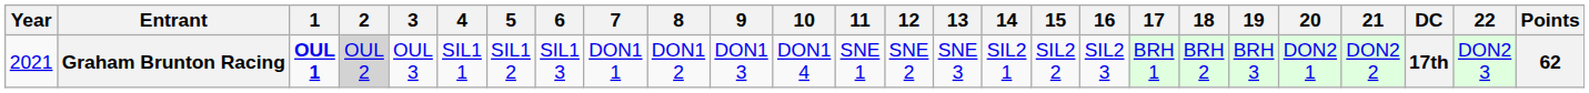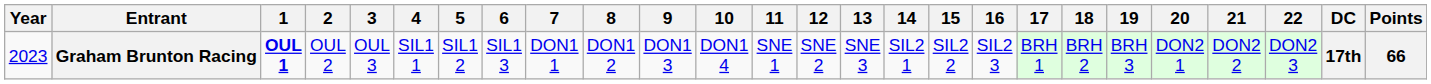 <table class="wikitable" style="text-align:center; font-size:85%">
 <tr>
 <th>Year</th>
 <th>Entrant</th>
 <th>1</th>
 <th>2</th>
 <th>3</th>
 <th>4</th>
 <th>5</th>
 <th>6</th>
 <th>7</th>
 <th>8</th>
 <th>9</th>
 <th>10</th>
 <th>11</th>
 <th>12</th>
 <th>13</th>
 <th>14</th>
 <th>15</th>
 <th>16</th>
 <th>17</th>
 <th>18</th>
 <th>19</th>
 <th>20</th>
 <th>21</th>
+<th>22</th>
 <th>DC</th>
-<th>22</th>
 <th>Points</th>
 </tr>
 <tr>
-<td><a href='#'>2021</a></td>
+<td><a href='#'>2023</a></td>
 <th nowrap>Graham Brunton Racing</th>
 <td style="background:#;"><strong><a href='#'>OUL<br>1</a><br></strong></td>
-<td style="background: lightgrey; backgroun:#;"><a href='#'>OUL<br>2</a><br></td>
+<td style="backgroun:#;"><a href='#'>OUL<br>2</a><br></td>
 <td style="background:#;"><a href='#'>OUL<br>3</a><br></td>
 <td style="background:#;"><a href='#'>SIL1<br>1</a><br></td>
 <td style="background:#;"><a href='#'>SIL1<br>2</a><br></td>
 <td style="background:#;"><a href='#'>SIL1<br>3</a><br></td>
 <td style="background:#;"><a href='#'>DON1<br>1</a><br></td>
 <td style="background:#;"><a href='#'>DON1<br>2</a><br></td>
 <td style="background:#;"><a href='#'>DON1<br>3</a><br></td>
 <td style="background:#;"><a href='#'>DON1<br>4</a><br></td>
 <td style="background:#;"><a href='#'>SNE<br>1</a><br></td>
 <td style="background:#;"><a href='#'>SNE<br>2</a><br></td>
 <td style="background:#;"><a href='#'>SNE<br>3</a><br></td>
 <td style="background:#;"><a href='#'>SIL2<br>1</a><br></td>
 <td style="background:#;"><a href='#'>SIL2<br>2</a><br></td>
 <td style="background:#;"><a href='#'>SIL2<br>3</a><br></td>
 <td style="background:#DFFFDF;"><a href='#'>BRH<br>1</a><br></td>
 <td style="background:#DFFFDF;"><a href='#'>BRH<br>2</a><br></td>
 <td style="background:#DFFFDF;"><a href='#'>BRH<br>3</a><br></td>
 <td style="background:#DFFFDF;"><a href='#'>DON2<br>1</a><br></td>
 <td style="background:#DFFFDF;"><a href='#'>DON2<br>2</a><br></td>
+<td style="background:#DFFFDF;"><a href='#'>DON2<br>3</a><br></td>
 <th>17th</th>
-<td style="background:#DFFFDF;"><a href='#'>DON2<br>3</a><br></td>
-<th>62</th>
+<th>66</th>
 </tr>
 </table>
